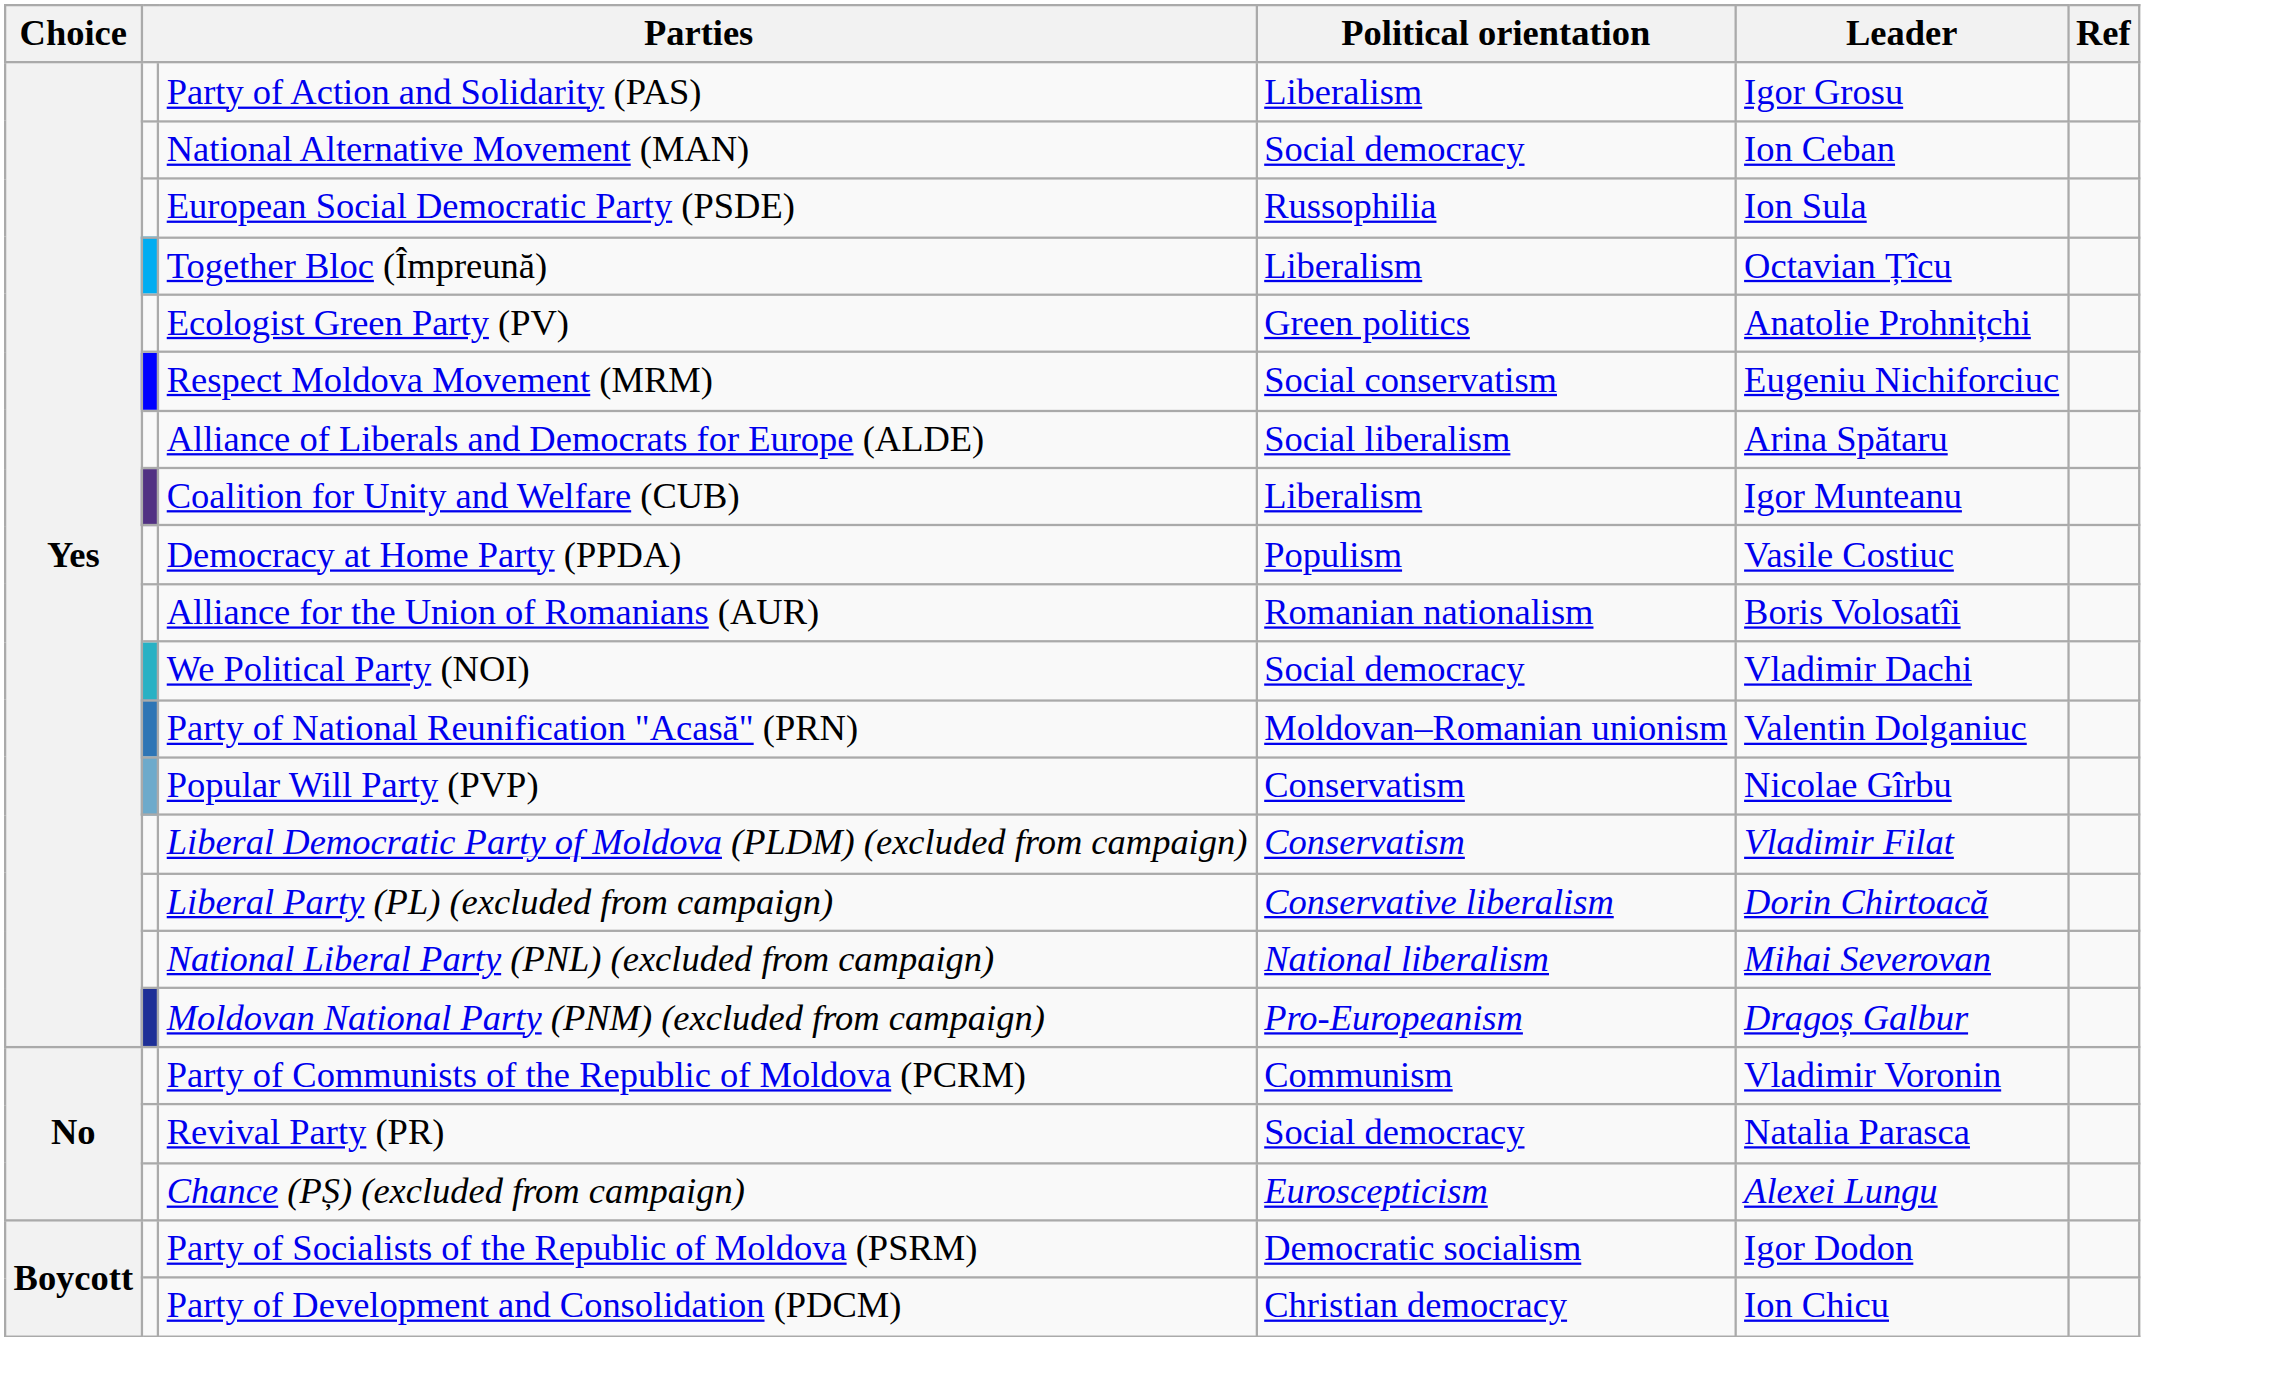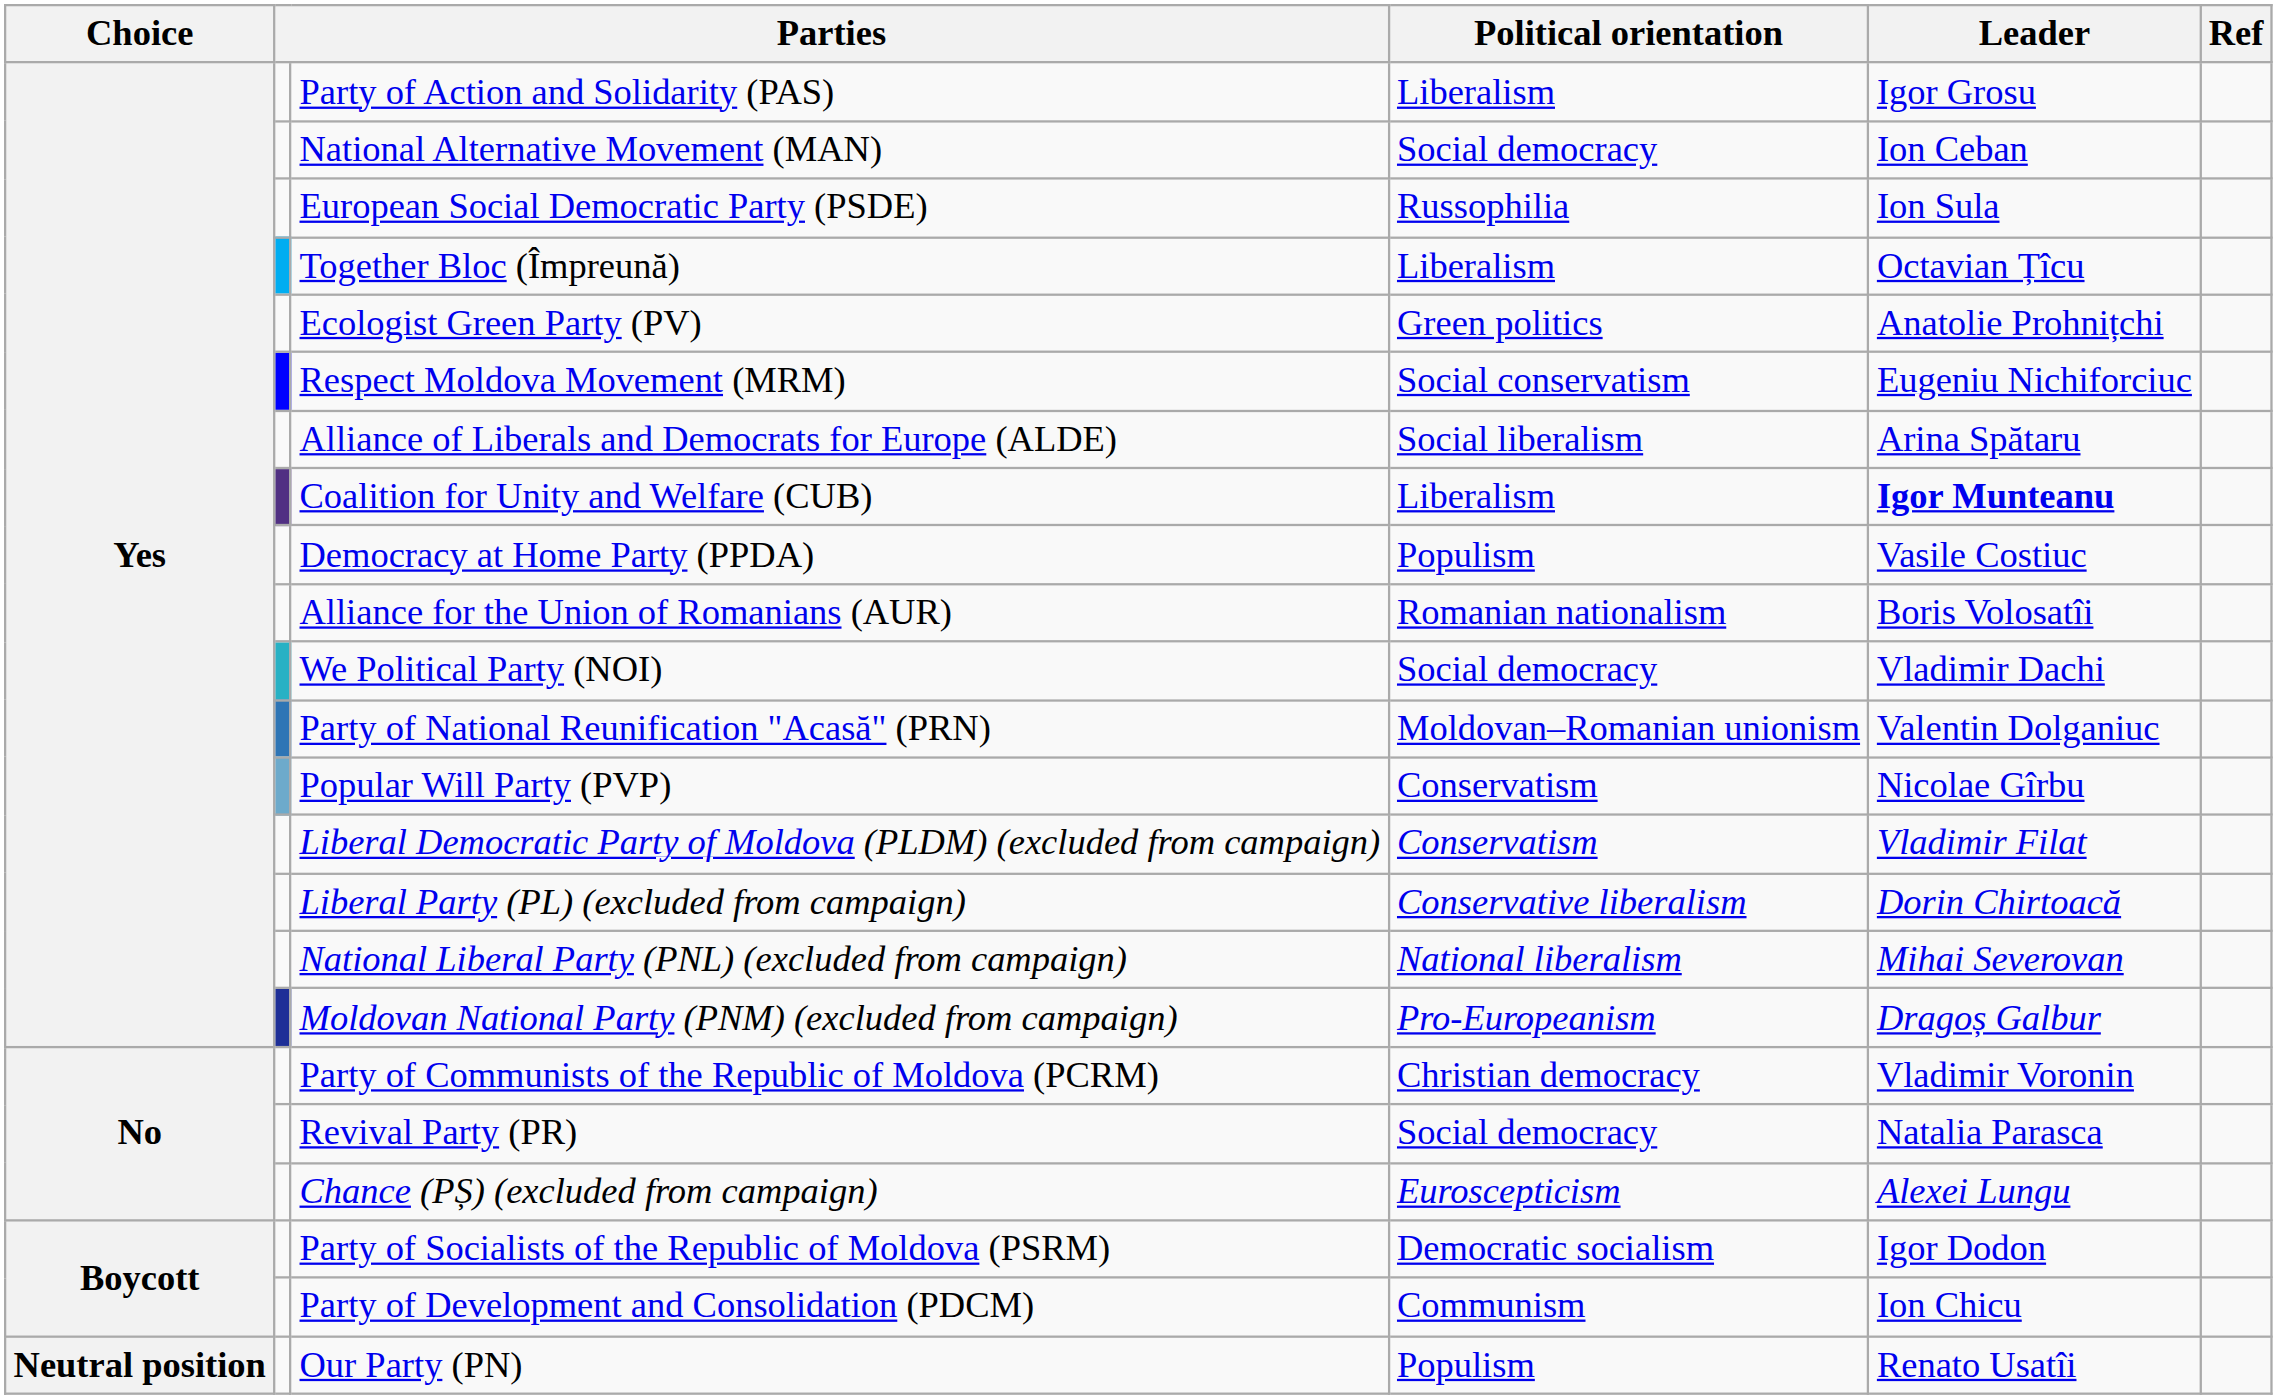 <table class="wikitable">
 <tr>
 <th>Choice</th>
 <th colspan=2>Parties</th>
 <th>Political orientation</th>
 <th>Leader</th>
 <th>Ref</th>
 </tr>
 <tr>
 <th rowspan=17> Yes</th>
 <td style="background-color: "></td>
 <td><a href='#'>Party of Action and Solidarity</a> (PAS)</td>
 <td><a href='#'>Liberalism</a></td>
 <td><a href='#'>Igor Grosu</a></td>
 <td></td>
 </tr>
 <tr>
 <td style="background-color: "></td>
 <td><a href='#'>National Alternative Movement</a> (MAN)</td>
 <td><a href='#'>Social democracy</a></td>
 <td><a href='#'>Ion Ceban</a></td>
 <td></td>
 </tr>
 <tr>
 <td style="background-color: "></td>
 <td><a href='#'>European Social Democratic Party</a> (PSDE)</td>
 <td><a href='#'>Russophilia</a></td>
 <td><a href='#'>Ion Sula</a></td>
 <td></td>
 </tr>
 <tr>
 <td style="background-color: #00ADF1"></td>
 <td><a href='#'>Together Bloc</a> (Împreună)</td>
 <td><a href='#'>Liberalism</a></td>
 <td><a href='#'>Octavian Țîcu</a></td>
 <td></td>
 </tr>
 <tr>
 <td style="background-color: "></td>
 <td><a href='#'>Ecologist Green Party</a> (PV)</td>
 <td><a href='#'>Green politics</a></td>
 <td><a href='#'>Anatolie Prohnițchi</a></td>
 <td></td>
 </tr>
 <tr>
 <td style="background-color: #0000FF"></td>
 <td><a href='#'>Respect Moldova Movement</a> (MRM)</td>
 <td><a href='#'>Social conservatism</a></td>
 <td><a href='#'>Eugeniu Nichiforciuc</a></td>
 <td></td>
 </tr>
 <tr>
 <td style="background-color: "></td>
 <td><a href='#'>Alliance of Liberals and Democrats for Europe</a> (ALDE)</td>
 <td><a href='#'>Social liberalism</a></td>
 <td><a href='#'>Arina Spătaru</a></td>
 <td></td>
 </tr>
 <tr>
 <td style="background-color: #513083"></td>
 <td><a href='#'>Coalition for Unity and Welfare</a> (CUB)</td>
 <td><a href='#'>Liberalism</a></td>
-<td><a href='#'>Igor Munteanu</a></td>
+<td><strong><a href='#'>Igor Munteanu</a></strong></td>
 <td></td>
 </tr>
 <tr>
 <td style="background-color: "></td>
 <td><a href='#'>Democracy at Home Party</a> (PPDA)</td>
 <td><a href='#'>Populism</a></td>
 <td><a href='#'>Vasile Costiuc</a></td>
 <td></td>
 </tr>
 <tr>
 <td style="background-color: "></td>
 <td><a href='#'>Alliance for the Union of Romanians</a> (AUR)</td>
 <td><a href='#'>Romanian nationalism</a></td>
 <td><a href='#'>Boris Volosatîi</a></td>
 <td></td>
 </tr>
 <tr>
 <td style="background-color: #28B1C4"></td>
 <td><a href='#'>We Political Party</a> (NOI)</td>
 <td><a href='#'>Social democracy</a></td>
 <td><a href='#'>Vladimir Dachi</a></td>
 <td></td>
 </tr>
 <tr>
 <td style="background-color: #2E75B5"></td>
 <td><a href='#'>Party of National Reunification "Acasă"</a> (PRN)</td>
 <td><a href='#'>Moldovan–Romanian unionism</a></td>
 <td><a href='#'>Valentin Dolganiuc</a></td>
 <td></td>
 </tr>
 <tr>
 <td style="background-color: #6DAACB"></td>
 <td><a href='#'>Popular Will Party</a> (PVP)</td>
 <td><a href='#'>Conservatism</a></td>
 <td><a href='#'>Nicolae Gîrbu</a></td>
 <td></td>
 </tr>
 <tr>
 <td style="background-color: "></td>
 <td><em><a href='#'>Liberal Democratic Party of Moldova</a> (PLDM) (excluded from campaign)</em></td>
 <td><em><a href='#'>Conservatism</a></em></td>
 <td><em><a href='#'>Vladimir Filat</a></em></td>
 <td></td>
 </tr>
 <tr>
 <td style="background-color: "></td>
 <td><em><a href='#'>Liberal Party</a> (PL) (excluded from campaign)</em></td>
 <td><em><a href='#'>Conservative liberalism</a></em></td>
 <td><em><a href='#'>Dorin Chirtoacă</a></em></td>
 <td></td>
 </tr>
 <tr>
 <td style="background-color: "></td>
 <td><em><a href='#'>National Liberal Party</a> (PNL) (excluded from campaign)</em></td>
 <td><em><a href='#'>National liberalism</a></em></td>
 <td><em><a href='#'>Mihai Severovan</a></em></td>
 <td></td>
 </tr>
 <tr>
 <td style="background-color: #1E2F97;"></td>
 <td><em><a href='#'>Moldovan National Party</a> (PNM) (excluded from campaign)</em></td>
 <td><em><a href='#'>Pro-Europeanism</a></em></td>
 <td><em><a href='#'>Dragoș Galbur</a></em></td>
 <td></td>
 </tr>
 <tr>
 <th rowspan=3> No</th>
 <td style="background-color: "></td>
 <td><a href='#'>Party of Communists of the Republic of Moldova</a> (PCRM)</td>
-<td><a href='#'>Communism</a></td>
+<td><a href='#'>Christian democracy</a></td>
 <td><a href='#'>Vladimir Voronin</a></td>
 <td></td>
 </tr>
 <tr>
 <td style="background-color: "></td>
 <td><a href='#'>Revival Party</a> (PR)</td>
 <td><a href='#'>Social democracy</a></td>
 <td><a href='#'>Natalia Parasca</a></td>
 <td></td>
 </tr>
 <tr>
 <td style="background-color: "></td>
 <td><em><a href='#'>Chance</a> (PȘ) (excluded from campaign)</em></td>
 <td><em><a href='#'>Euroscepticism</a></em></td>
 <td><em><a href='#'>Alexei Lungu</a></em></td>
 <td></td>
 </tr>
 <tr>
 <th rowspan=2> Boycott</th>
 <td style="background-color: "></td>
 <td><a href='#'>Party of Socialists of the Republic of Moldova</a> (PSRM)</td>
 <td><a href='#'>Democratic socialism</a></td>
 <td><a href='#'>Igor Dodon</a></td>
 <td></td>
 </tr>
 <tr>
 <td style="background-color: "></td>
 <td><a href='#'>Party of Development and Consolidation</a> (PDCM)</td>
-<td><a href='#'>Christian democracy</a></td>
+<td><a href='#'>Communism</a></td>
 <td><a href='#'>Ion Chicu</a></td>
 <td></td>
 </tr>
+<tr>
+<th rowspan=1>Neutral position</th>
+<td style="background-color: "></td>
+<td><a href='#'>Our Party</a> (PN)</td>
+<td><a href='#'>Populism</a></td>
+<td><a href='#'>Renato Usatîi</a></td>
+<td></td>
+</tr>
 </table>
